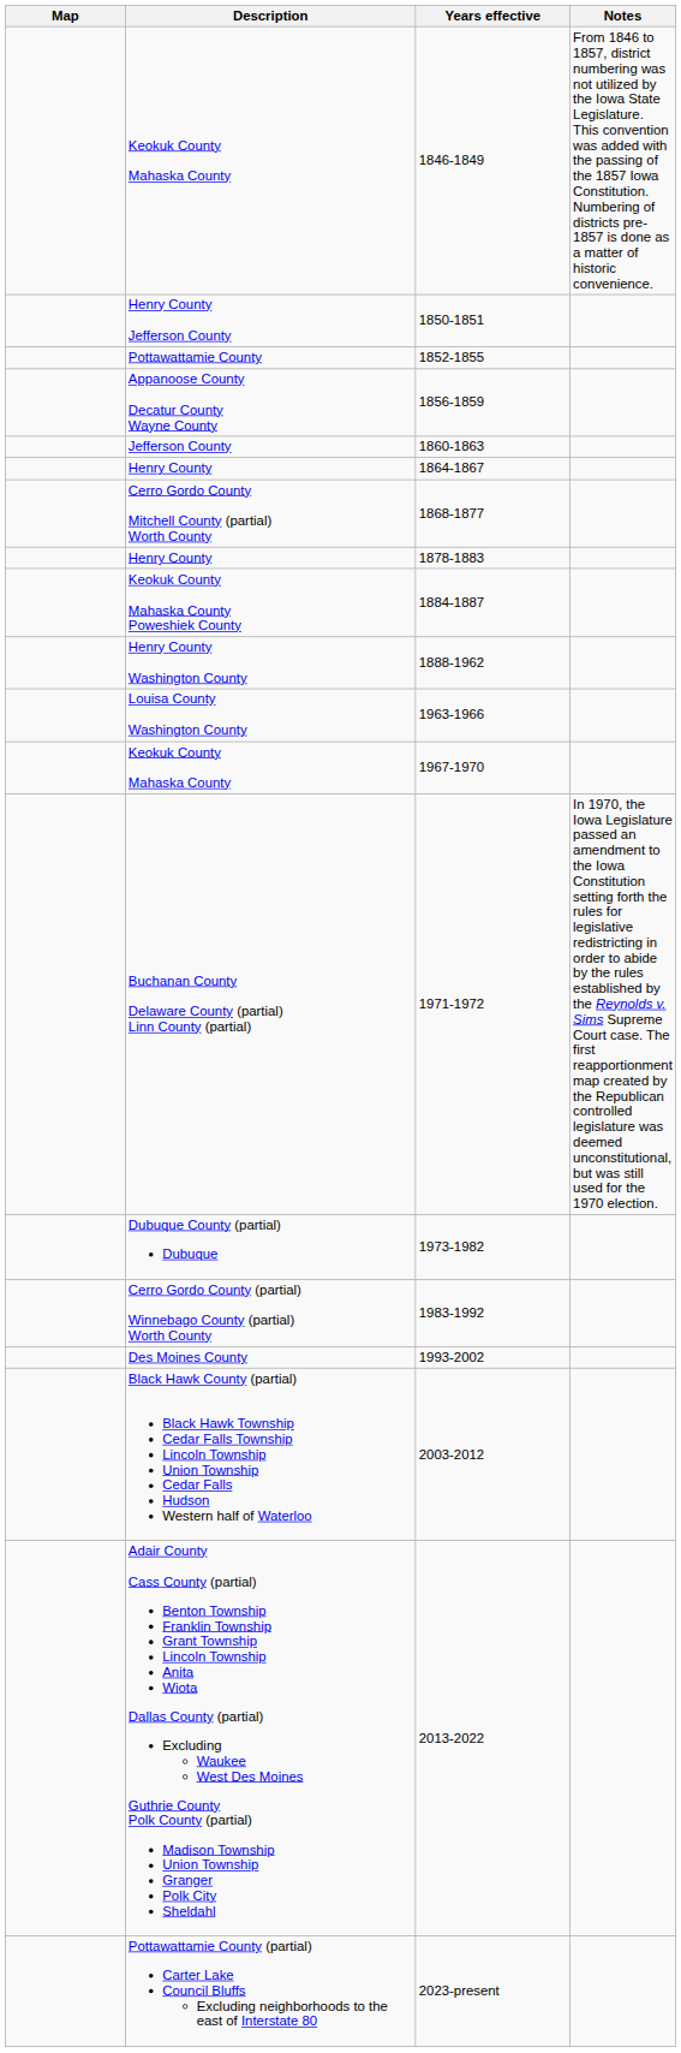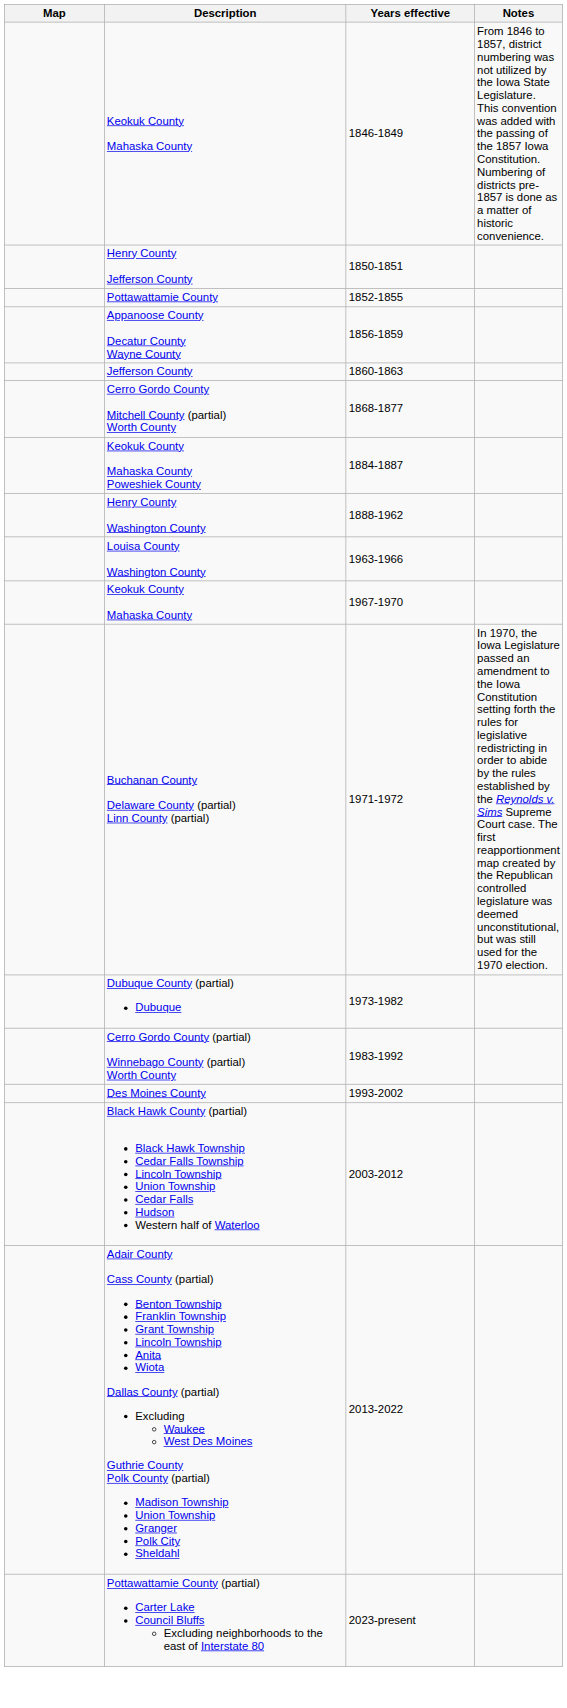 <table class="wikitable sortable">
 <tr>
 <th style="width:100pt;">Map</th>
 <th style="width:250pt;">Description</th>
 <th style="width:130pt;">Years effective</th>
 <th style="width:15pt;">Notes</th>
 </tr>
 <tr>
 <td></td>
 <td><a href='#'>Keokuk County</a><br><br><a href='#'>Mahaska County</a></td>
 <td>1846-1849</td>
 <td>From 1846 to 1857, district numbering was not utilized by the Iowa State Legislature. This convention was added with the passing of the 1857 Iowa Constitution. Numbering of districts pre-1857 is done as a matter of historic convenience.</td>
 </tr>
 <tr>
 <td></td>
 <td><a href='#'>Henry County</a><br><br><a href='#'>Jefferson County</a></td>
 <td>1850-1851</td>
 <td></td>
 </tr>
 <tr>
 <td></td>
 <td><a href='#'>Pottawattamie County</a></td>
 <td>1852-1855</td>
 <td></td>
 </tr>
 <tr>
 <td></td>
 <td><a href='#'>Appanoose County</a><br><br><a href='#'>Decatur County</a><br> <a href='#'>Wayne County</a></td>
 <td>1856-1859</td>
 <td></td>
 </tr>
 <tr>
 <td></td>
 <td><a href='#'>Jefferson County</a></td>
 <td>1860-1863</td>
 <td></td>
 </tr>
 <tr>
 <td></td>
-<td><a href='#'>Henry County</a></td>
-<td>1864-1867</td>
-<td></td>
-</tr>
-<tr>
-<td></td>
 <td><a href='#'>Cerro Gordo County</a><br><br><a href='#'>Mitchell County</a> (partial)<br> <a href='#'>Worth County</a></td>
 <td>1868-1877</td>
-<td></td>
-</tr>
-<tr>
-<td></td>
-<td><a href='#'>Henry County</a></td>
-<td>1878-1883</td>
 <td></td>
 </tr>
 <tr>
 <td></td>
 <td><a href='#'>Keokuk County</a><br><br><a href='#'>Mahaska County</a><br> <a href='#'>Poweshiek County</a></td>
 <td>1884-1887</td>
 <td></td>
 </tr>
 <tr>
 <td></td>
 <td><a href='#'>Henry County</a><br><br><a href='#'>Washington County</a></td>
 <td>1888-1962</td>
 <td></td>
 </tr>
 <tr>
 <td></td>
 <td><a href='#'>Louisa County</a><br><br><a href='#'>Washington County</a></td>
 <td>1963-1966</td>
 <td></td>
 </tr>
 <tr>
 <td></td>
 <td><a href='#'>Keokuk County</a><br><br><a href='#'>Mahaska County</a></td>
 <td>1967-1970</td>
 <td></td>
 </tr>
 <tr>
 <td></td>
 <td><a href='#'>Buchanan County</a><br><br><a href='#'>Delaware County</a> (partial)<br> <a href='#'>Linn County</a> (partial)</td>
 <td>1971-1972</td>
 <td>In 1970, the Iowa Legislature passed an amendment to the Iowa Constitution setting forth the rules for legislative redistricting in order to abide by the rules established by the <em><a href='#'>Reynolds v. Sims</a></em> Supreme Court case. The first reapportionment map created by the Republican controlled legislature was deemed unconstitutional, but was still used for the 1970 election.</td>
 </tr>
 <tr>
 <td></td>
 <td><a href='#'>Dubuque County</a> (partial)<br><ul><li><a href='#'>Dubuque</a></li></ul></td>
 <td>1973-1982</td>
 <td></td>
 </tr>
 <tr>
 <td></td>
 <td><a href='#'>Cerro Gordo County</a> (partial)<br><br><a href='#'>Winnebago County</a> (partial)<br> <a href='#'>Worth County</a></td>
 <td>1983-1992</td>
 <td></td>
 </tr>
 <tr>
 <td></td>
 <td><a href='#'>Des Moines County</a></td>
 <td>1993-2002</td>
 <td></td>
 </tr>
 <tr>
 <td></td>
 <td><a href='#'>Black Hawk County</a> (partial)<br><br><ul><li><a href='#'>Black Hawk Township</a></li><li><a href='#'>Cedar Falls Township</a></li><li><a href='#'>Lincoln Township</a></li><li><a href='#'>Union Township</a></li><li><a href='#'>Cedar Falls</a></li><li><a href='#'>Hudson</a></li><li>Western half of <a href='#'>Waterloo</a></li></ul></td>
 <td>2003-2012</td>
 <td></td>
 </tr>
 <tr>
 <td></td>
 <td><a href='#'>Adair County</a><br><br><a href='#'>Cass County</a> (partial)<ul><li><a href='#'>Benton Township</a></li><li><a href='#'>Franklin Township</a></li><li><a href='#'>Grant Township</a></li><li><a href='#'>Lincoln Township</a></li><li><a href='#'>Anita</a></li><li><a href='#'>Wiota</a></li></ul><a href='#'>Dallas County</a> (partial)<ul><li>Excluding<ul><li><a href='#'>Waukee</a></li><li><a href='#'>West Des Moines</a></li></ul></li></ul><a href='#'>Guthrie County</a><br> <a href='#'>Polk County</a> (partial)<ul><li><a href='#'>Madison Township</a></li><li><a href='#'>Union Township</a></li><li><a href='#'>Granger</a></li><li><a href='#'>Polk City</a></li><li><a href='#'>Sheldahl</a></li></ul></td>
 <td>2013-2022</td>
 <td></td>
 </tr>
 <tr>
 <td></td>
 <td><a href='#'>Pottawattamie County</a> (partial)<br><ul><li><a href='#'>Carter Lake</a></li><li><a href='#'>Council Bluffs</a><ul><li>Excluding neighborhoods to the east of <a href='#'>Interstate 80</a></li></ul></li></ul></td>
 <td>2023-present</td>
 <td></td>
 </tr>
 </table>
